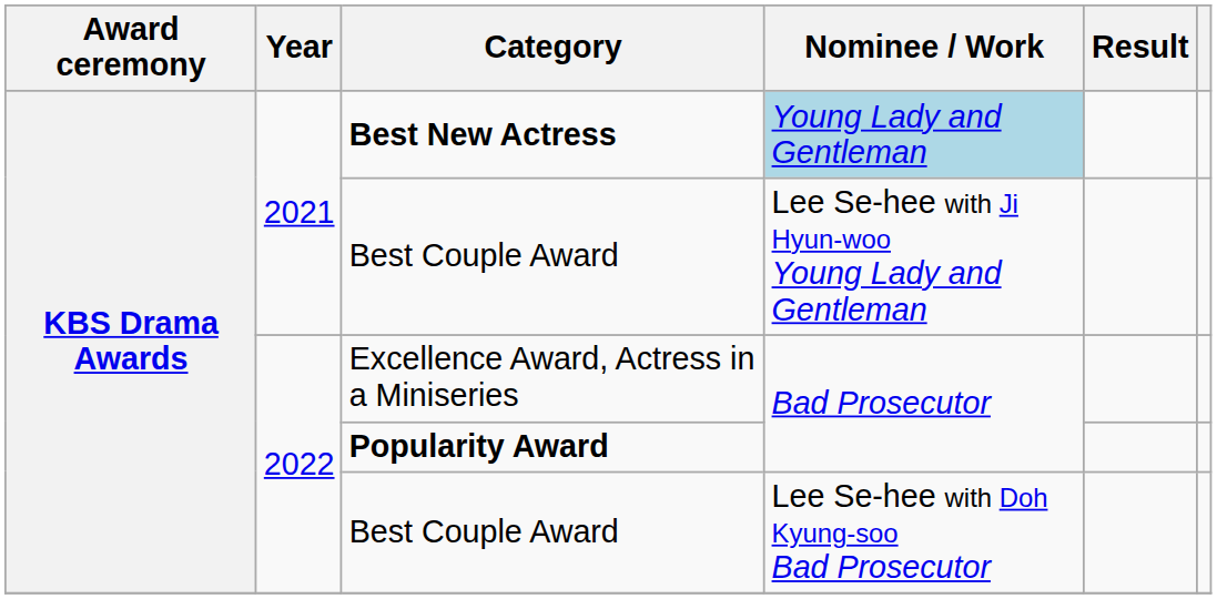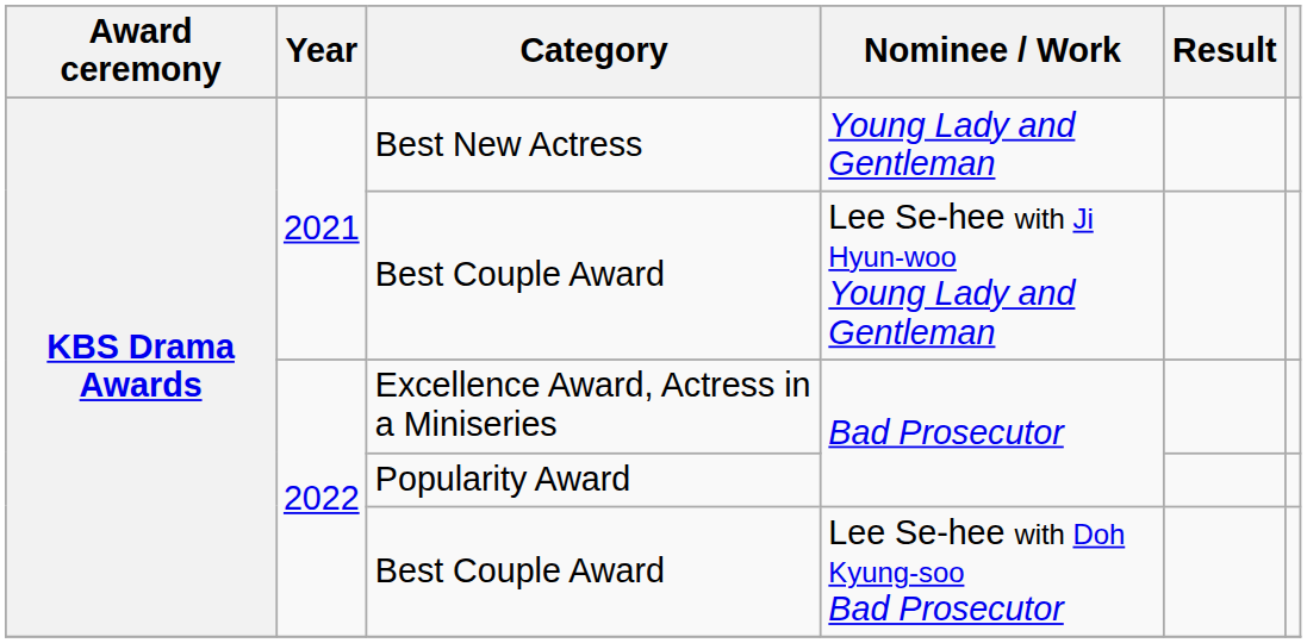 <table class="wikitable plainrowheaders sortable">
 <tr>
 <th scope="col">Award ceremony</th>
 <th scope="col">Year</th>
 <th scope="col">Category</th>
 <th scope="col">Nominee / Work</th>
 <th scope="col">Result</th>
 <th scope="col" class="unsortable"></th>
 </tr>
 <tr>
 <th scope="row"  rowspan="5"><a href='#'>KBS Drama Awards</a></th>
 <td rowspan=2><a href='#'>2021</a></td>
-<td><strong>Best New Actress</strong></td>
-<td style="background: lightblue;"><em><a href='#'>Young Lady and Gentleman</a></em></td>
+<td>Best New Actress</td>
+<td><em><a href='#'>Young Lady and Gentleman</a></em></td>
 <td></td>
 <td style="text-align:center"></td>
 </tr>
 <tr>
 <td>Best Couple Award</td>
 <td>Lee Se-hee <small>with <a href='#'>Ji Hyun-woo</a></small><br><em><a href='#'>Young Lady and Gentleman</a></em></td>
 <td></td>
 <td style="text-align:center"></td>
 </tr>
 <tr>
 <td rowspan=3><a href='#'>2022</a></td>
 <td>Excellence Award, Actress in a Miniseries</td>
 <td rowspan="2"><em><a href='#'>Bad Prosecutor</a></em></td>
 <td></td>
 <td style="text-align:center"></td>
 </tr>
 <tr>
-<td><strong>Popularity Award</strong></td>
+<td>Popularity Award</td>
 <td></td>
 <td style="text-align:center"></td>
 </tr>
 <tr>
 <td>Best Couple Award</td>
 <td>Lee Se-hee <small>with <a href='#'>Doh Kyung-soo</a></small><br> <em><a href='#'>Bad Prosecutor</a></em></td>
 <td></td>
 <td style="text-align:center"></td>
 </tr>
 <tr>
 </tr>
 </table>
